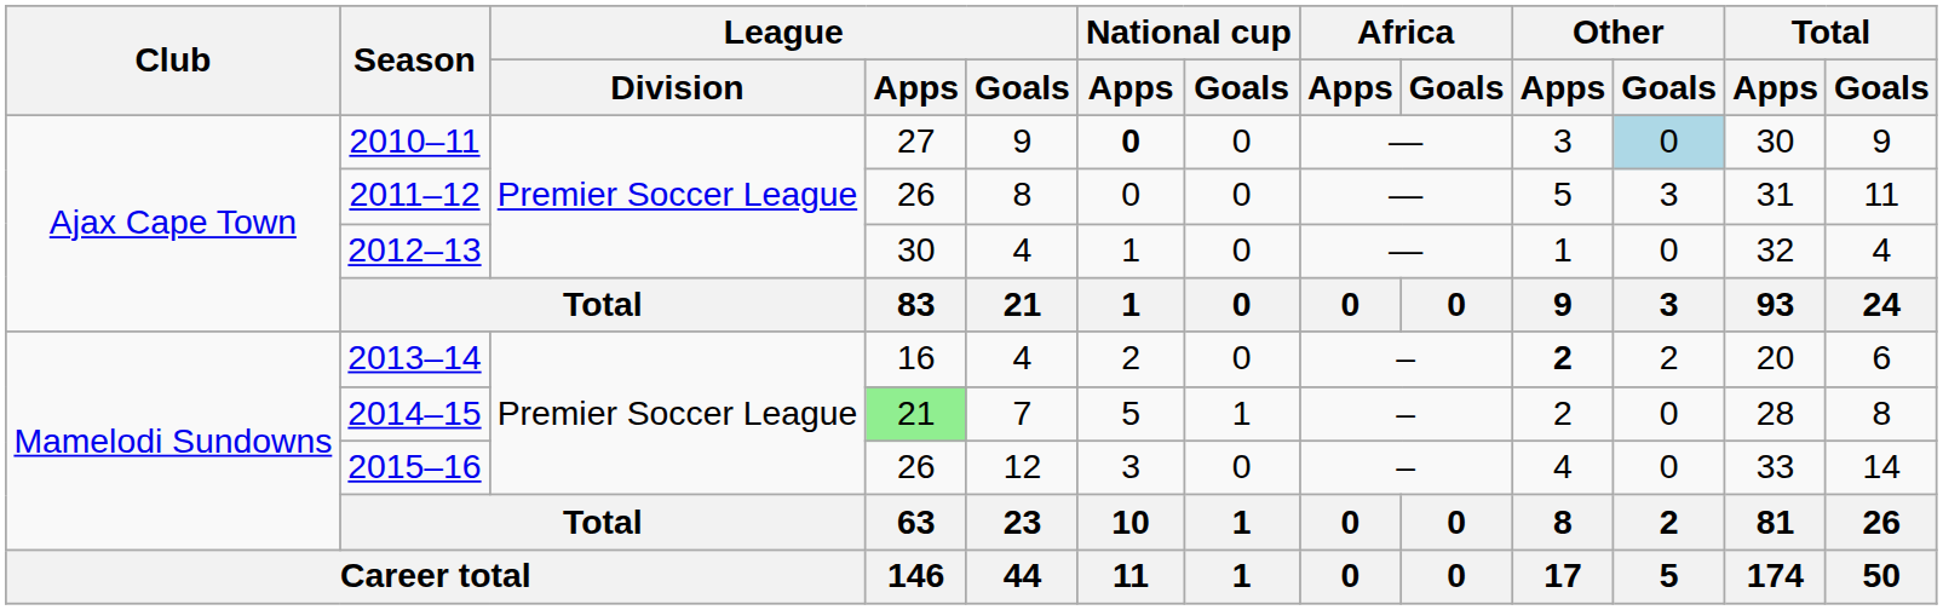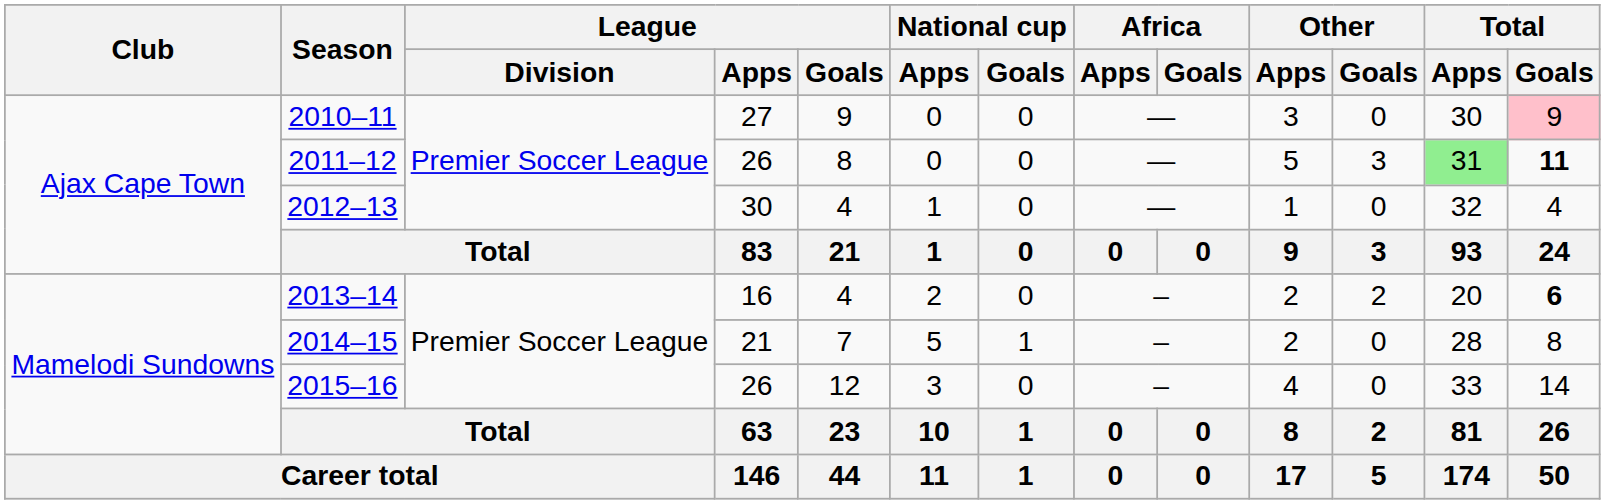 <table class="wikitable" style="text-align:center">
 <tr>
 <th rowspan="2">Club</th>
 <th rowspan="2">Season</th>
 <th colspan="3">League</th>
 <th colspan="2">National cup</th>
 <th colspan="2">Africa</th>
 <th colspan="2">Other</th>
 <th colspan="2">Total</th>
 </tr>
 <tr>
 <th>Division</th>
 <th>Apps</th>
 <th>Goals</th>
 <th>Apps</th>
 <th>Goals</th>
 <th>Apps</th>
 <th>Goals</th>
 <th>Apps</th>
 <th>Goals</th>
 <th>Apps</th>
 <th>Goals</th>
 </tr>
 <tr>
 <td rowspan="4"><a href='#'>Ajax Cape Town</a></td>
 <td><a href='#'>2010–11</a></td>
 <td rowspan="3"><a href='#'>Premier Soccer League</a></td>
 <td>27</td>
 <td>9</td>
-<td><strong>0</strong></td>
+<td>0</td>
 <td>0</td>
 <td colspan="2">—</td>
 <td>3</td>
-<td style="background: lightblue;">0</td>
+<td>0</td>
 <td>30</td>
-<td>9</td>
+<td style="background: pink;">9</td>
 </tr>
 <tr>
 <td><a href='#'>2011–12</a></td>
 <td>26</td>
 <td>8</td>
 <td>0</td>
 <td>0</td>
 <td colspan="2">—</td>
 <td>5</td>
 <td>3</td>
-<td>31</td>
-<td>11</td>
+<td style="background: lightgreen;">31</td>
+<td><strong>11</strong></td>
 </tr>
 <tr>
 <td><a href='#'>2012–13</a></td>
 <td>30</td>
 <td>4</td>
 <td>1</td>
 <td>0</td>
 <td colspan="2">—</td>
 <td>1</td>
 <td>0</td>
 <td>32</td>
 <td>4</td>
 </tr>
 <tr>
 <th colspan="2">Total</th>
 <th>83</th>
 <th>21</th>
 <th>1</th>
 <th>0</th>
 <th>0</th>
 <th>0</th>
 <th>9</th>
 <th>3</th>
 <th>93</th>
 <th>24</th>
 </tr>
 <tr>
 <td rowspan="4"><a href='#'>Mamelodi Sundowns</a></td>
 <td><a href='#'>2013–14</a></td>
 <td rowspan="3">Premier Soccer League</td>
 <td>16</td>
 <td>4</td>
 <td>2</td>
 <td>0</td>
 <td colspan="2">–</td>
-<td><strong>2</strong></td>
+<td>2</td>
 <td>2</td>
 <td>20</td>
-<td>6</td>
+<td><strong>6</strong></td>
 </tr>
 <tr>
 <td><a href='#'>2014–15</a></td>
-<td style="background: lightgreen;">21</td>
+<td>21</td>
 <td>7</td>
 <td>5</td>
 <td>1</td>
 <td colspan="2">–</td>
 <td>2</td>
 <td>0</td>
 <td>28</td>
 <td>8</td>
 </tr>
 <tr>
 <td><a href='#'>2015–16</a></td>
 <td>26</td>
 <td>12</td>
 <td>3</td>
 <td>0</td>
 <td colspan="2">–</td>
 <td>4</td>
 <td>0</td>
 <td>33</td>
 <td>14</td>
 </tr>
 <tr>
 <th colspan="2">Total</th>
 <th>63</th>
 <th>23</th>
 <th>10</th>
 <th>1</th>
 <th>0</th>
 <th>0</th>
 <th>8</th>
 <th>2</th>
 <th>81</th>
 <th>26</th>
 </tr>
 <tr>
 <th colspan="3">Career total</th>
 <th>146</th>
 <th>44</th>
 <th>11</th>
 <th>1</th>
 <th>0</th>
 <th>0</th>
 <th>17</th>
 <th>5</th>
 <th>174</th>
 <th>50</th>
 </tr>
 </table>
